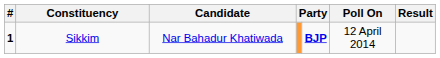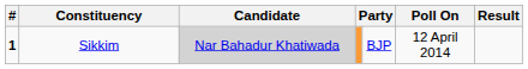 <table class="wikitable sortable" style="text-align:center;">
 <tr>
 <th>#</th>
 <th style="width:180px;">Constituency</th>
 <th style="width:200px;">Candidate</th>
 <th colspan="2">Party</th>
 <th>Poll On</th>
 <th>Result</th>
 </tr>
 <tr>
 <td style="text-align:center;"><strong>1</strong></td>
 <td><a href='#'>Sikkim</a></td>
-<td><a href='#'>Nar Bahadur Khatiwada</a></td>
+<td style="background: lightgrey;"><a href='#'>Nar Bahadur Khatiwada</a></td>
 <td bgcolor=#FF9933></td>
-<td><strong><a href='#'>BJP</a></strong></td>
+<td><a href='#'>BJP</a></td>
 <td>12 April 2014</td>
 <td></td>
 </tr>
 </table>
